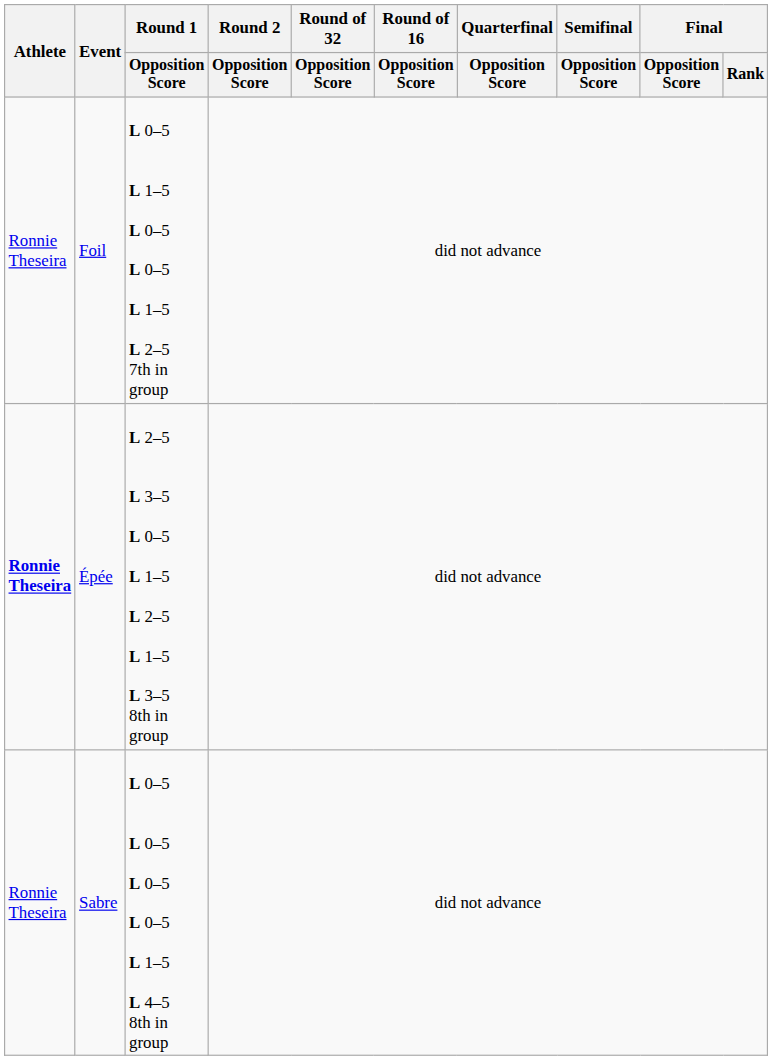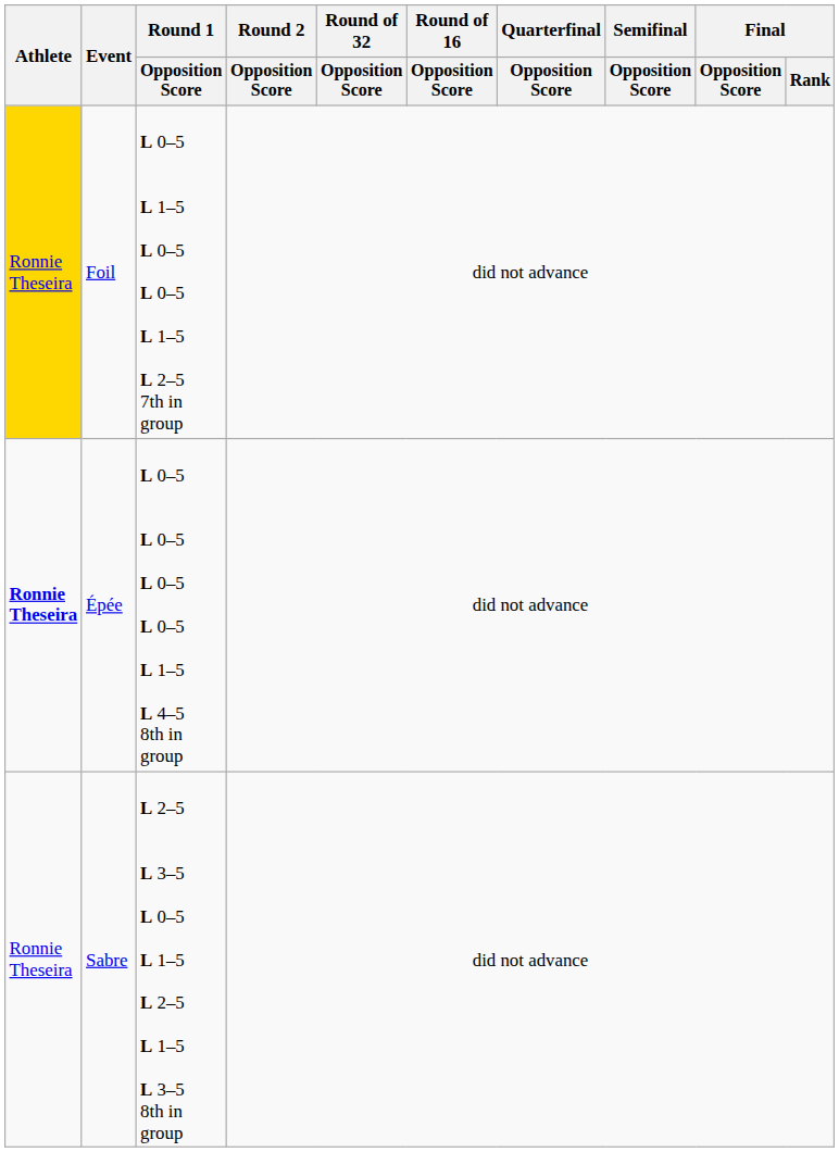 <table class="wikitable" style="font-size:90%">
 <tr>
 <th rowspan=2>Athlete</th>
 <th rowspan=2>Event</th>
 <th>Round 1</th>
 <th>Round 2</th>
 <th>Round of 32</th>
 <th>Round of 16</th>
 <th>Quarterfinal</th>
 <th>Semifinal</th>
 <th colspan=2>Final</th>
 </tr>
 <tr style="font-size:95%">
 <th>Opposition<br>Score</th>
 <th>Opposition<br>Score</th>
 <th>Opposition<br>Score</th>
 <th>Opposition<br>Score</th>
 <th>Opposition<br>Score</th>
 <th>Opposition<br>Score</th>
 <th>Opposition<br>Score</th>
 <th>Rank</th>
 </tr>
 <tr align=center>
-<td align=left><a href='#'>Ronnie Theseira</a></td>
+<td align=left style="background: gold;"><a href='#'>Ronnie Theseira</a></td>
 <td align=left><a href='#'>Foil</a></td>
 <td align=left><br><strong>L</strong> 0–5<br><br><br><strong>L</strong> 1–5<br> <br><strong>L</strong> 0–5<br> <br><strong>L</strong> 0–5<br> <br><strong>L</strong> 1–5<br> <br><strong>L</strong> 2–5<br> 7th in group</td>
 <td colspan=7>did not advance</td>
 </tr>
 <tr align=center>
 <td align=left><strong><a href='#'>Ronnie Theseira</a></strong></td>
 <td align=left><a href='#'>Épée</a></td>
-<td align=left><br><strong>L</strong> 2–5<br><br><br><strong>L</strong> 3–5<br> <br><strong>L</strong> 0–5<br> <br><strong>L</strong> 1–5<br> <br><strong>L</strong> 2–5<br> <br><strong>L</strong> 1–5<br> <br><strong>L</strong> 3–5<br> 8th in group</td>
+<td align=left><br><strong>L</strong> 0–5<br><br><br><strong>L</strong> 0–5<br> <br><strong>L</strong> 0–5<br> <br><strong>L</strong> 0–5<br> <br><strong>L</strong> 1–5<br> <br><strong>L</strong> 4–5<br> 8th in group</td>
 <td colspan=7>did not advance</td>
 </tr>
 <tr align=center>
 <td align=left><a href='#'>Ronnie Theseira</a></td>
 <td align=left><a href='#'>Sabre</a></td>
-<td align=left><br><strong>L</strong> 0–5<br><br><br><strong>L</strong> 0–5<br> <br><strong>L</strong> 0–5<br> <br><strong>L</strong> 0–5<br> <br><strong>L</strong> 1–5<br> <br><strong>L</strong> 4–5<br> 8th in group</td>
+<td align=left><br><strong>L</strong> 2–5<br><br><br><strong>L</strong> 3–5<br> <br><strong>L</strong> 0–5<br> <br><strong>L</strong> 1–5<br> <br><strong>L</strong> 2–5<br> <br><strong>L</strong> 1–5<br> <br><strong>L</strong> 3–5<br> 8th in group</td>
 <td colspan=7>did not advance</td>
 </tr>
 </table>
